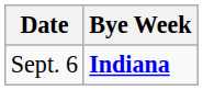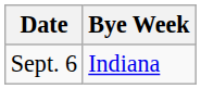 <table class="wikitable" style="font-size:95%;">
 <tr>
 <th>Date</th>
 <th>Bye Week</th>
 </tr>
 <tr>
 <td>Sept. 6</td>
-<td><strong><a href='#'>Indiana</a></strong></td>
+<td><a href='#'>Indiana</a></td>
 </tr>
 </table>
